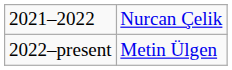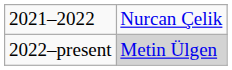 <table class="wikitable">
 <tr>
 <td>2021–2022</td>
 <td> <a href='#'>Nurcan Çelik</a></td>
 </tr>
 <tr>
 <td>2022–present</td>
-<td> <a href='#'>Metin Ülgen</a></td>
+<td style="background: lightgrey;"> <a href='#'>Metin Ülgen</a></td>
 </tr>
 </table>
